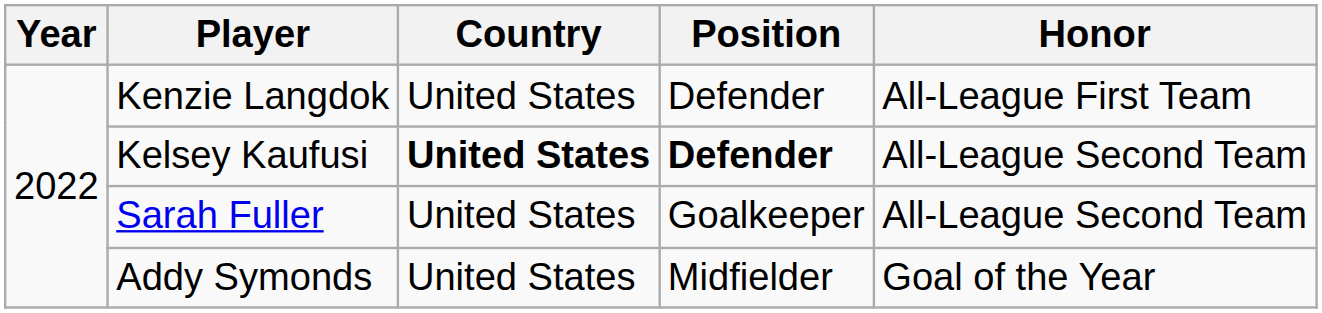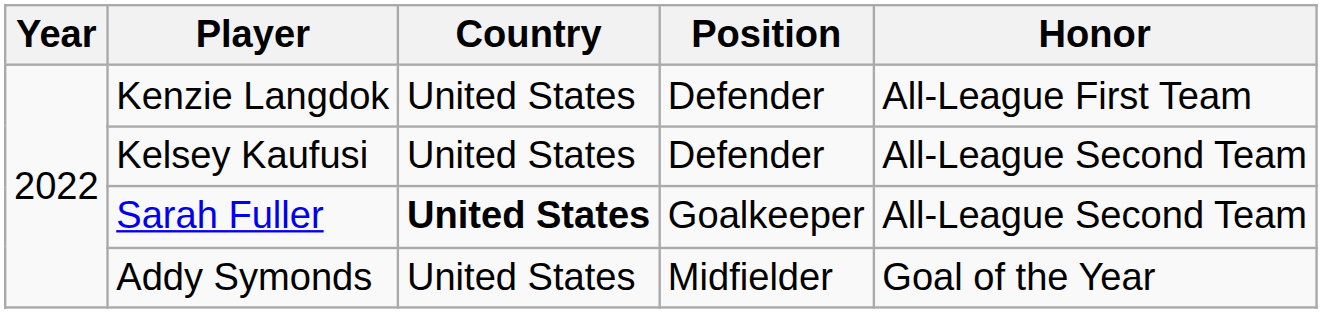 <table class="wikitable">
 <tr>
 <th>Year</th>
 <th>Player</th>
 <th>Country</th>
 <th>Position</th>
 <th>Honor</th>
 </tr>
 <tr>
 <td rowspan=4>2022</td>
 <td>Kenzie Langdok</td>
 <td> United States</td>
 <td>Defender</td>
 <td>All-League First Team</td>
 </tr>
 <tr>
 <td>Kelsey Kaufusi</td>
-<td><strong> United States</strong></td>
-<td><strong>Defender</strong></td>
+<td> United States</td>
+<td>Defender</td>
 <td>All-League Second Team</td>
 </tr>
 <tr>
 <td><a href='#'>Sarah Fuller</a></td>
-<td> United States</td>
+<td><strong> United States</strong></td>
 <td>Goalkeeper</td>
 <td>All-League Second Team</td>
 </tr>
 <tr>
 <td>Addy Symonds</td>
 <td> United States</td>
 <td>Midfielder</td>
 <td>Goal of the Year</td>
 </tr>
 </table>
